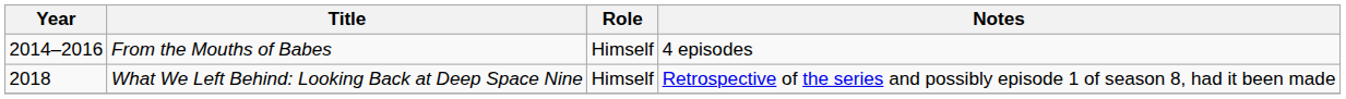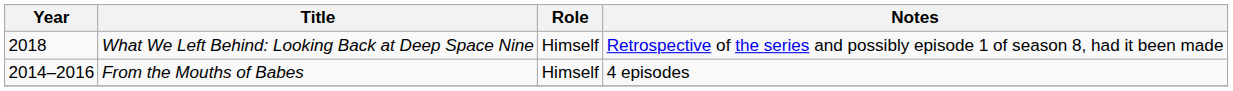 <table class="wikitable">
 <tr>
 <th>Year</th>
 <th>Title</th>
 <th>Role</th>
 <th>Notes</th>
 </tr>
 <tr>
+<td>2018</td>
+<td><em>What We Left Behind: Looking Back at Deep Space Nine</em></td>
+<td>Himself</td>
+<td><a href='#'>Retrospective</a> of <a href='#'>the series</a> and possibly episode 1 of season 8, had it been made</td>
+</tr>
+<tr>
 <td>2014–2016</td>
 <td><em>From the Mouths of Babes</em></td>
 <td>Himself</td>
 <td>4 episodes</td>
 </tr>
 <tr>
-<td>2018</td>
-<td><em>What We Left Behind: Looking Back at Deep Space Nine</em></td>
-<td>Himself</td>
-<td><a href='#'>Retrospective</a> of <a href='#'>the series</a> and possibly episode 1 of season 8, had it been made</td>
-</tr>
-<tr>
 </tr>
 </table>
